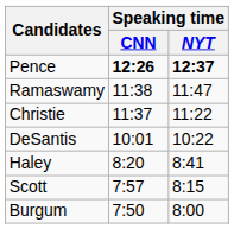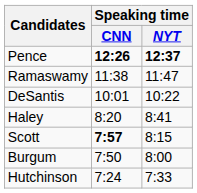 <table class="wikitable sortable" style="display:inline-table;line-height:16px;">
 <tr>
 <th rowspan=2>Candidates</th>
 <th colspan=2>Speaking time</th>
 </tr>
 <tr>
 <th><a href='#'>CNN</a></th>
 <th><em><a href='#'>NYT</a></em></th>
 </tr>
 <tr>
 <td>Pence</td>
 <td><strong>12:26</strong></td>
 <td><strong>12:37</strong></td>
 </tr>
 <tr>
 <td>Ramaswamy</td>
 <td>11:38</td>
 <td>11:47</td>
 </tr>
 <tr>
-<td>Christie</td>
-<td>11:37</td>
-<td>11:22</td>
-</tr>
-<tr>
 <td>DeSantis</td>
 <td>10:01</td>
 <td>10:22</td>
 </tr>
 <tr>
 <td>Haley</td>
 <td>8:20</td>
 <td>8:41</td>
 </tr>
 <tr>
 <td>Scott</td>
-<td>7:57</td>
+<td><strong>7:57</strong></td>
 <td>8:15</td>
 </tr>
 <tr>
 <td>Burgum</td>
 <td>7:50</td>
 <td>8:00</td>
 </tr>
+<tr>
+<td>Hutchinson</td>
+<td>7:24</td>
+<td>7:33</td>
+</tr>
 </table>
